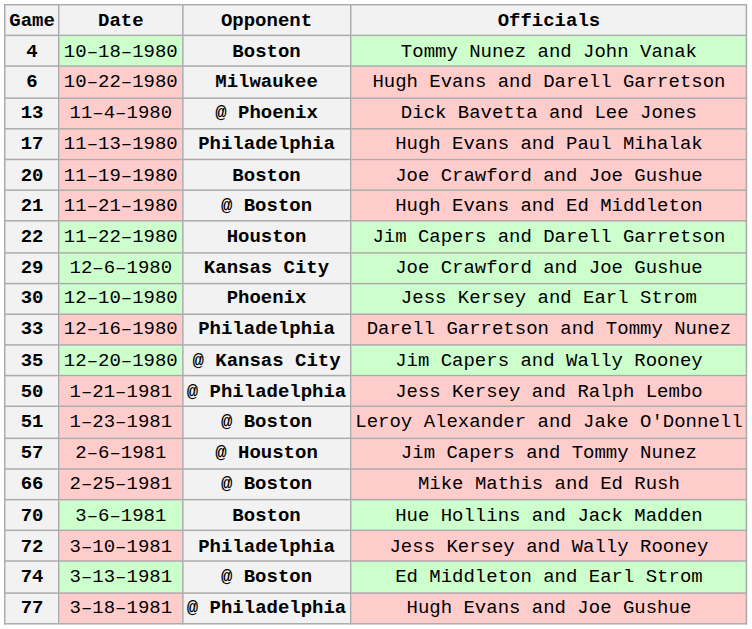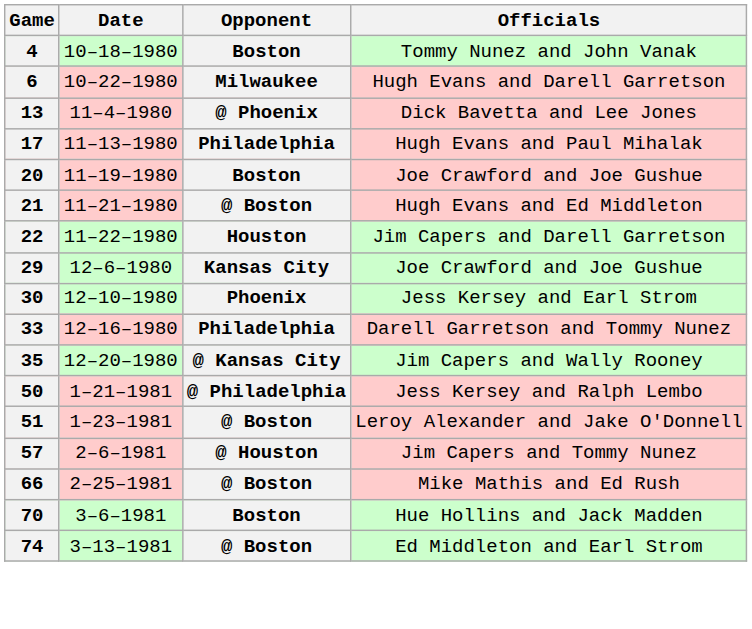 <table class="wikitable">
 <tr>
 <th>Game</th>
 <th>Date</th>
 <th>Opponent</th>
 <th>Officials</th>
 </tr>
 <tr align="center" bgcolor="#ccffcc">
 <th>4</th>
 <td>10–18–1980</td>
 <th>Boston</th>
 <td>Tommy Nunez and John Vanak</td>
 </tr>
 <tr align="center" bgcolor="#ffcccc">
 <th>6</th>
 <td>10–22–1980</td>
 <th>Milwaukee</th>
 <td>Hugh Evans and Darell Garretson</td>
 </tr>
 <tr align="center" bgcolor="#ffcccc">
 <th>13</th>
 <td>11–4–1980</td>
 <th>@ Phoenix</th>
 <td>Dick Bavetta and Lee Jones</td>
 </tr>
 <tr align="center" bgcolor="#ffcccc">
 <th>17</th>
 <td>11–13–1980</td>
 <th>Philadelphia</th>
 <td>Hugh Evans and Paul Mihalak</td>
 </tr>
 <tr align="center" bgcolor="#ffcccc">
 <th>20</th>
 <td>11–19–1980</td>
 <th>Boston</th>
 <td>Joe Crawford and Joe Gushue</td>
 </tr>
 <tr align="center" bgcolor="#ffcccc">
 <th>21</th>
 <td>11–21–1980</td>
 <th>@ Boston</th>
 <td>Hugh Evans and Ed Middleton</td>
 </tr>
 <tr align="center" bgcolor="#ccffcc">
 <th>22</th>
 <td>11–22–1980</td>
 <th>Houston</th>
 <td>Jim Capers and Darell Garretson</td>
 </tr>
 <tr align="center" bgcolor="#ccffcc">
 <th>29</th>
 <td>12–6–1980</td>
 <th>Kansas City</th>
 <td>Joe Crawford and Joe Gushue</td>
 </tr>
 <tr align="center" bgcolor="#ccffcc">
 <th>30</th>
 <td>12–10–1980</td>
 <th>Phoenix</th>
 <td>Jess Kersey and Earl Strom</td>
 </tr>
 <tr align="center" bgcolor="#ffcccc">
 <th>33</th>
 <td>12–16–1980</td>
 <th>Philadelphia</th>
 <td>Darell Garretson and Tommy Nunez</td>
 </tr>
 <tr align="center" bgcolor="#ccffcc">
 <th>35</th>
 <td>12–20–1980</td>
 <th>@ Kansas City</th>
 <td>Jim Capers and Wally Rooney</td>
 </tr>
 <tr align="center" bgcolor="#ffcccc">
 <th>50</th>
 <td>1–21–1981</td>
 <th>@ Philadelphia</th>
 <td>Jess Kersey and Ralph Lembo</td>
 </tr>
 <tr align="center" bgcolor="#ffcccc">
 <th>51</th>
 <td>1–23–1981</td>
 <th>@ Boston</th>
 <td>Leroy Alexander and Jake O'Donnell</td>
 </tr>
 <tr align="center" bgcolor="#ffcccc">
 <th>57</th>
 <td>2–6–1981</td>
 <th>@ Houston</th>
 <td>Jim Capers and Tommy Nunez</td>
 </tr>
 <tr align="center" bgcolor="#ffcccc">
 <th>66</th>
 <td>2–25–1981</td>
 <th>@ Boston</th>
 <td>Mike Mathis and Ed Rush</td>
 </tr>
 <tr align="center" bgcolor="#ccffcc">
 <th>70</th>
 <td>3–6–1981</td>
 <th>Boston</th>
 <td>Hue Hollins and Jack Madden</td>
 </tr>
-<tr align="center" bgcolor="#ffcccc">
-<th>72</th>
-<td>3–10–1981</td>
-<th>Philadelphia</th>
-<td>Jess Kersey and Wally Rooney</td>
-</tr>
 <tr align="center" bgcolor="#ccffcc">
 <th>74</th>
 <td>3–13–1981</td>
 <th>@ Boston</th>
 <td>Ed Middleton and Earl Strom</td>
 </tr>
-<tr align="center" bgcolor="#ffcccc">
-<th>77</th>
-<td>3–18–1981</td>
-<th>@ Philadelphia</th>
-<td>Hugh Evans and Joe Gushue</td>
-</tr>
 </table>
